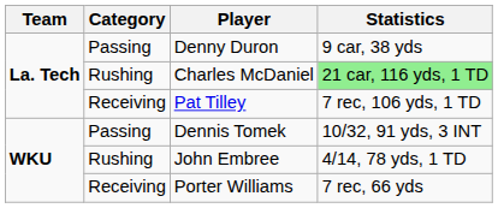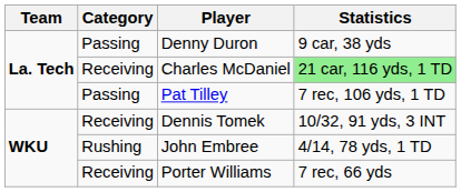 <table class="wikitable">
 <tr>
 <th>Team</th>
 <th>Category</th>
 <th>Player</th>
 <th>Statistics</th>
 </tr>
 <tr>
 <td rowspan=3><strong>La. Tech</strong></td>
 <td>Passing</td>
 <td>Denny Duron</td>
 <td>9 car, 38 yds</td>
 </tr>
 <tr>
-<td>Rushing</td>
+<td>Receiving</td>
 <td>Charles McDaniel</td>
 <td style="background: lightgreen;">21 car, 116 yds, 1 TD</td>
 </tr>
 <tr>
-<td>Receiving</td>
+<td>Passing</td>
 <td><a href='#'>Pat Tilley</a></td>
 <td>7 rec, 106 yds, 1 TD</td>
 </tr>
 <tr>
 <td rowspan=3><strong>WKU</strong></td>
-<td>Passing</td>
+<td>Receiving</td>
 <td>Dennis Tomek</td>
 <td>10/32, 91 yds, 3 INT</td>
 </tr>
 <tr>
 <td>Rushing</td>
 <td>John Embree</td>
 <td>4/14, 78 yds, 1 TD</td>
 </tr>
 <tr>
 <td>Receiving</td>
 <td>Porter Williams</td>
 <td>7 rec, 66 yds</td>
 </tr>
 </table>
